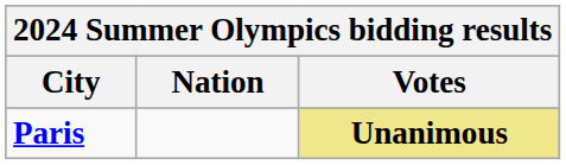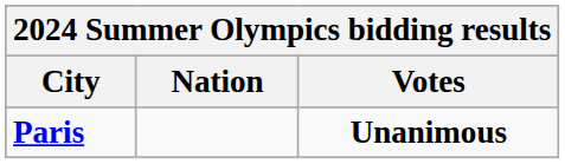 <table class="wikitable">
 <tr>
 <th colspan="7">2024 Summer Olympics bidding results</th>
 </tr>
 <tr>
 <th>City</th>
 <th>Nation</th>
 <th>Votes</th>
 </tr>
 <tr>
 <td><strong><a href='#'>Paris</a></strong></td>
 <td><strong></strong></td>
-<td align=center style="background: khaki;"><strong>Unanimous</strong></td>
+<td align=center><strong>Unanimous</strong></td>
 </tr>
 </table>
